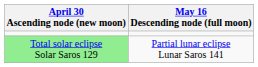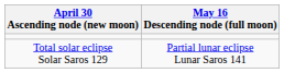 <table class="wikitable">
 <tr>
 <th><a href='#'>April 30</a><br>Ascending node (new moon)<br></th>
 <th><a href='#'>May 16</a><br>Descending node (full moon)<br></th>
 </tr>
 <tr>
 <td></td>
 <td></td>
 </tr>
 <tr align=center>
-<td style="background: lightgreen;"><a href='#'>Total solar eclipse</a><br>Solar Saros 129</td>
+<td><a href='#'>Total solar eclipse</a><br>Solar Saros 129</td>
 <td><a href='#'>Partial lunar eclipse</a><br>Lunar Saros 141</td>
 </tr>
 </table>
